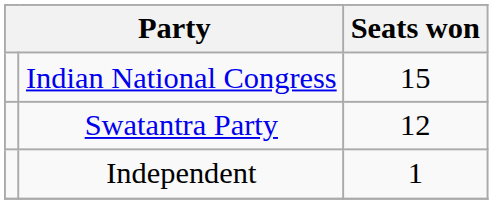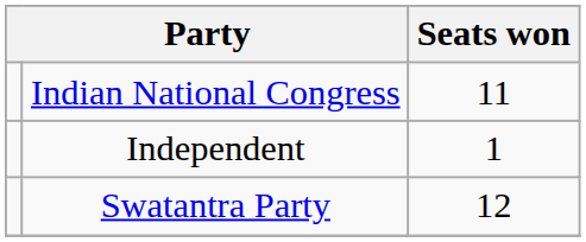 <table class="wikitable" style="text-align:center">
 <tr>
 <th colspan=2>Party</th>
 <th>Seats won</th>
 </tr>
 <tr>
 <td></td>
 <td><a href='#'>Indian National Congress</a></td>
-<td>15</td>
+<td>11</td>
+</tr>
+<tr>
+<td></td>
+<td>Independent</td>
+<td>1</td>
 </tr>
 <tr>
 <td></td>
 <td><a href='#'>Swatantra Party</a></td>
 <td>12</td>
 </tr>
 <tr>
-<td></td>
-<td>Independent</td>
-<td>1</td>
-</tr>
-<tr>
 </tr>
 </table>
